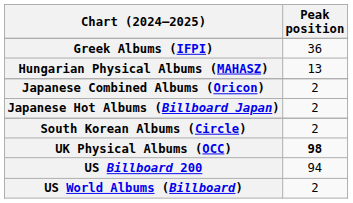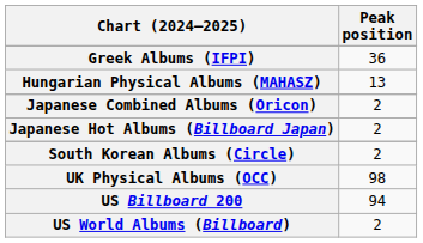 <table class="wikitable sortable plainrowheaders" style="text-align:center">
 <tr>
 <th scope="col">Chart (2024–2025)</th>
 <th scope="col">Peak<br>position</th>
 </tr>
 <tr>
 </tr>
 <tr>
 </tr>
 <tr>
 <th scope="row">Greek Albums (<a href='#'>IFPI</a>)</th>
 <td>36</td>
 </tr>
 <tr>
 <th scope="row">Hungarian Physical Albums (<a href='#'>MAHASZ</a>)</th>
 <td>13</td>
 </tr>
 <tr>
 </tr>
 <tr>
 <th scope="row">Japanese Combined Albums (<a href='#'>Oricon</a>)</th>
 <td>2</td>
 </tr>
 <tr>
 <th scope="row">Japanese Hot Albums (<em><a href='#'>Billboard Japan</a></em>)</th>
 <td>2</td>
 </tr>
 <tr>
 </tr>
 <tr>
 <th scope="row">South Korean Albums (<a href='#'>Circle</a>)</th>
 <td>2</td>
 </tr>
 <tr>
 <th scope="row">UK Physical Albums (<a href='#'>OCC</a>)</th>
-<td><strong>98</strong></td>
+<td>98</td>
 </tr>
 <tr>
 <th scope="row">US <a href='#'><em>Billboard</em> 200</a></th>
 <td>94</td>
 </tr>
 <tr>
 <th scope="row">US <a href='#'>World Albums</a> (<em><a href='#'>Billboard</a></em>)</th>
 <td>2</td>
 </tr>
 </table>
